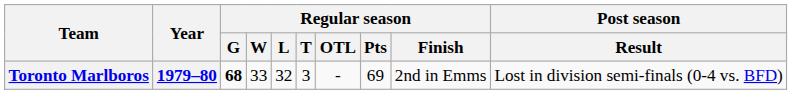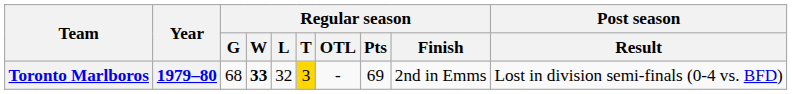 <table class="wikitable" style="font-size: 95%; text-align:center;">
 <tr>
 <th rowspan="2">Team</th>
 <th rowspan="2">Year</th>
 <th colspan="7">Regular season</th>
 <th colspan="1">Post season</th>
 </tr>
 <tr>
 <th>G</th>
 <th>W</th>
 <th>L</th>
 <th>T</th>
 <th>OTL</th>
 <th>Pts</th>
 <th>Finish</th>
 <th>Result</th>
 </tr>
 <tr>
 <th><a href='#'>Toronto Marlboros</a></th>
 <th><a href='#'>1979–80</a></th>
-<td><strong>68</strong></td>
-<td>33</td>
+<td>68</td>
+<td><strong>33</strong></td>
 <td>32</td>
-<td>3</td>
+<td style="background: gold;">3</td>
 <td>-</td>
 <td>69</td>
 <td>2nd in Emms</td>
 <td>Lost in division semi-finals (0-4 vs. <a href='#'>BFD</a>)</td>
 </tr>
 </table>
